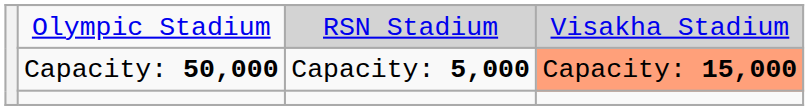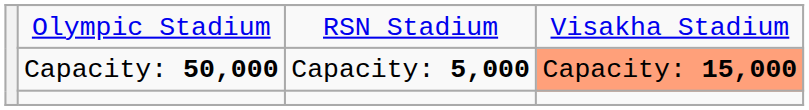 <table class="wikitable" style="margin:1em auto; text-align:center;">
 <tr>
 <th rowspan="5"></th>
 </tr>
 <tr>
 <td><a href='#'>Olympic Stadium</a></td>
-<td style="background: lightgrey;"><a href='#'>RSN Stadium</a></td>
-<td style="background: lightgrey;"><a href='#'>Visakha Stadium</a></td>
+<td><a href='#'>RSN Stadium</a></td>
+<td><a href='#'>Visakha Stadium</a></td>
 </tr>
 <tr>
 <td>Capacity: <strong>50,000</strong></td>
 <td>Capacity: <strong>5,000</strong></td>
 <td style="background: lightsalmon;">Capacity: <strong>15,000</strong></td>
 </tr>
 <tr>
 <td></td>
 <td></td>
 <td></td>
 </tr>
 </table>
